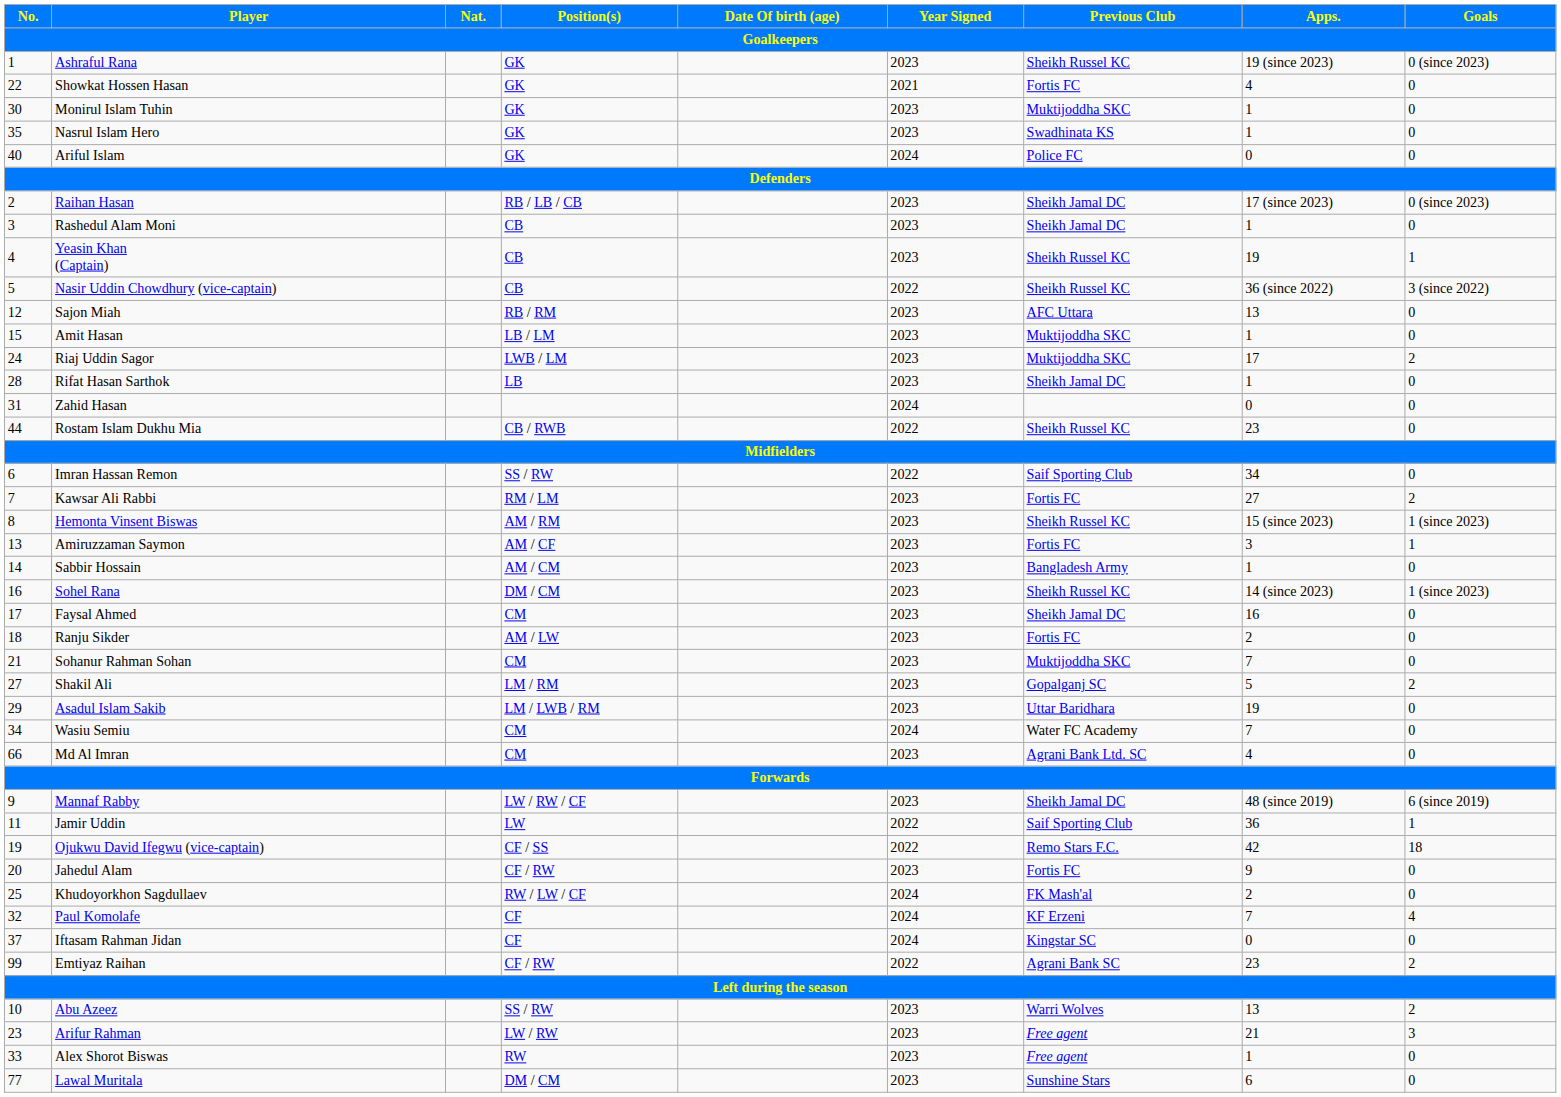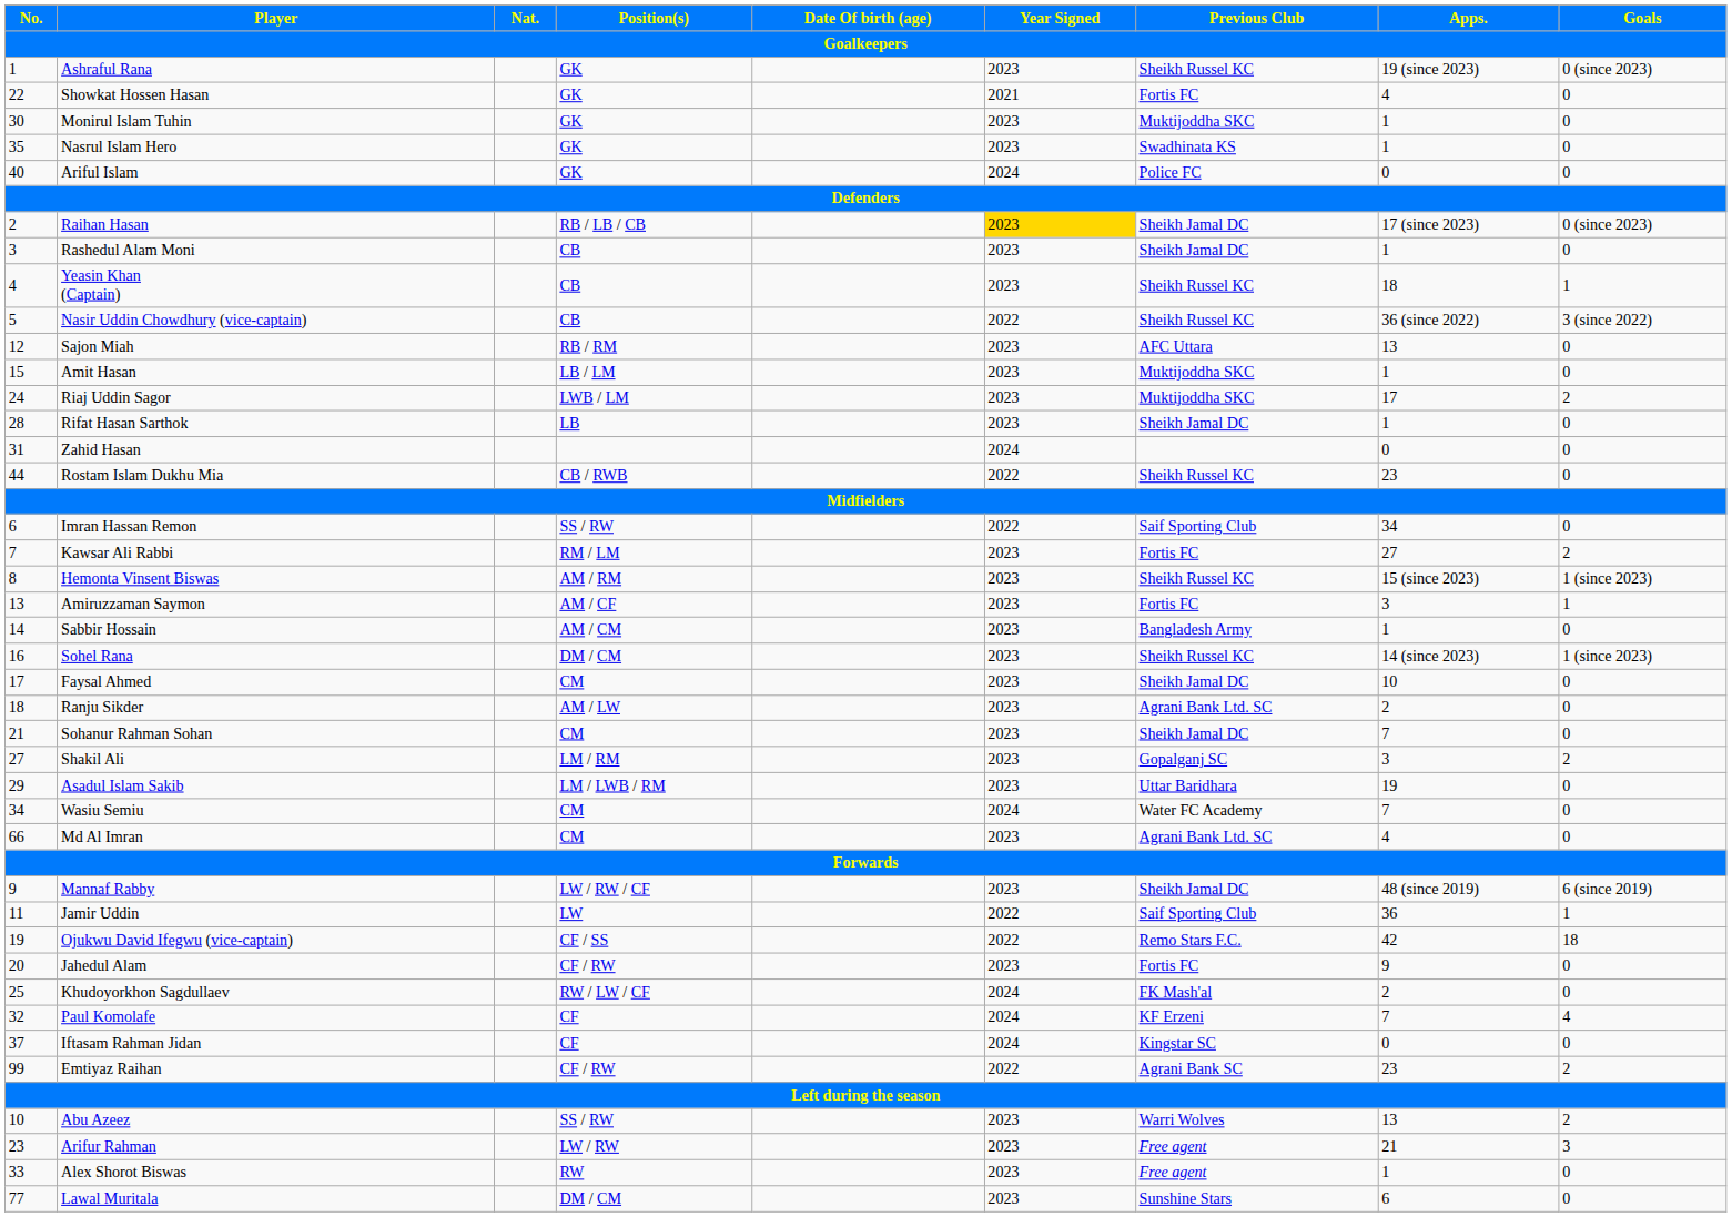 <table class="wikitable sortable" style="text-align:left; font-size:90%; width:100%">
 <tr>
 <th style="background:#007AFC; color:#FBFD00; text-align:center; ">No.</th>
 <th style="background:#007AFC; color:#FBFD00; ">Player</th>
 <th style="background:#007AFC; color:#FBFD00; text-align:center; ">Nat.</th>
 <th style="background:#007AFC; color:#FBFD00; text-align:center; ">Position(s)</th>
 <th style="background:#007AFC; color:#FBFD00; text-align:center; ">Date Of birth (age)</th>
 <th style="background:#007AFC; color:#FBFD00; text-align:center; ">Year Signed</th>
 <th style="background:#007AFC; color:#FBFD00; text-align:center; ">Previous Club</th>
 <th style="background:#007AFC; color:#FBFD00; text-align:center; ">Apps.</th>
 <th style="background:#007AFC; color:#FBFD00; text-align:center; ">Goals</th>
 </tr>
 <tr>
 <th colspan="9" style="background:#007AFC; color:#FBFD00; text-align:center; "><strong>Goalkeepers</strong></th>
 </tr>
 <tr>
 <td>1</td>
 <td><a href='#'>Ashraful Rana</a></td>
 <td></td>
 <td><a href='#'>GK</a></td>
 <td></td>
 <td>2023</td>
 <td><a href='#'>Sheikh Russel KC</a></td>
 <td>19 (since 2023)</td>
 <td>0 (since 2023)</td>
 </tr>
 <tr>
 <td>22</td>
 <td>Showkat Hossen Hasan</td>
 <td></td>
 <td><a href='#'>GK</a></td>
 <td></td>
 <td>2021</td>
 <td><a href='#'>Fortis FC</a></td>
 <td>4</td>
 <td>0</td>
 </tr>
 <tr>
 <td>30</td>
 <td>Monirul Islam Tuhin</td>
 <td></td>
 <td><a href='#'>GK</a></td>
 <td></td>
 <td>2023</td>
 <td><a href='#'>Muktijoddha SKC</a></td>
 <td>1</td>
 <td>0</td>
 </tr>
 <tr>
 <td>35</td>
 <td>Nasrul Islam Hero</td>
 <td></td>
 <td><a href='#'>GK</a></td>
 <td></td>
 <td>2023</td>
 <td><a href='#'>Swadhinata KS</a></td>
 <td>1</td>
 <td>0</td>
 </tr>
 <tr>
 <td>40</td>
 <td>Ariful Islam</td>
 <td></td>
 <td><a href='#'>GK</a></td>
 <td></td>
 <td>2024</td>
 <td><a href='#'>Police FC</a></td>
 <td>0</td>
 <td>0</td>
 </tr>
 <tr>
 <th colspan="9" style="background:#007AFC; color:#FBFD00; text-align:center; "><strong>Defenders</strong></th>
 </tr>
 <tr>
 <td>2</td>
 <td><a href='#'>Raihan Hasan</a></td>
 <td></td>
 <td><a href='#'>RB</a> / <a href='#'>LB</a> / <a href='#'>CB</a></td>
 <td></td>
-<td>2023</td>
+<td style="background: gold;">2023</td>
 <td><a href='#'>Sheikh Jamal DC</a></td>
 <td>17 (since 2023)</td>
 <td>0 (since 2023)</td>
 </tr>
 <tr>
 <td>3</td>
 <td>Rashedul Alam Moni</td>
 <td></td>
 <td><a href='#'>CB</a></td>
 <td></td>
 <td>2023</td>
 <td><a href='#'>Sheikh Jamal DC</a></td>
 <td>1</td>
 <td>0</td>
 </tr>
 <tr>
 <td>4</td>
 <td><a href='#'>Yeasin Khan</a><br>(<a href='#'>Captain</a>)</td>
 <td></td>
 <td><a href='#'>CB</a></td>
 <td></td>
 <td>2023</td>
 <td><a href='#'>Sheikh Russel KC</a></td>
-<td>19</td>
+<td>18</td>
 <td>1</td>
 </tr>
 <tr>
 <td>5</td>
 <td><a href='#'>Nasir Uddin Chowdhury</a> (<a href='#'>vice-captain</a>)</td>
 <td></td>
 <td><a href='#'>CB</a></td>
 <td></td>
 <td>2022</td>
 <td><a href='#'>Sheikh Russel KC</a></td>
 <td>36 (since 2022)</td>
 <td>3 (since 2022)</td>
 </tr>
 <tr>
 <td>12</td>
 <td>Sajon Miah</td>
 <td></td>
 <td><a href='#'>RB</a> / <a href='#'>RM</a></td>
 <td></td>
 <td>2023</td>
 <td><a href='#'>AFC Uttara</a></td>
 <td>13</td>
 <td>0</td>
 </tr>
 <tr>
 <td>15</td>
 <td>Amit Hasan</td>
 <td></td>
 <td><a href='#'>LB</a> / <a href='#'>LM</a></td>
 <td></td>
 <td>2023</td>
 <td><a href='#'>Muktijoddha SKC</a></td>
 <td>1</td>
 <td>0</td>
 </tr>
 <tr>
 <td>24</td>
 <td>Riaj Uddin Sagor</td>
 <td></td>
 <td><a href='#'>LWB</a> / <a href='#'>LM</a></td>
 <td></td>
 <td>2023</td>
 <td><a href='#'>Muktijoddha SKC</a></td>
 <td>17</td>
 <td>2</td>
 </tr>
 <tr>
 <td>28</td>
 <td>Rifat Hasan Sarthok</td>
 <td></td>
 <td><a href='#'>LB</a></td>
 <td></td>
 <td>2023</td>
 <td><a href='#'>Sheikh Jamal DC</a></td>
 <td>1</td>
 <td>0</td>
 </tr>
 <tr>
 <td>31</td>
 <td>Zahid Hasan</td>
 <td></td>
 <td></td>
 <td></td>
 <td>2024</td>
 <td></td>
 <td>0</td>
 <td>0</td>
 </tr>
 <tr>
 <td>44</td>
 <td>Rostam Islam Dukhu Mia</td>
 <td></td>
 <td><a href='#'>CB</a> / <a href='#'>RWB</a></td>
 <td></td>
 <td>2022</td>
 <td><a href='#'>Sheikh Russel KC</a></td>
 <td>23</td>
 <td>0</td>
 </tr>
 <tr>
 <th colspan="9" style="background:#007AFC; color:#FBFD00; text-align:center; "><strong>Midfielders</strong></th>
 </tr>
 <tr>
 <td>6</td>
 <td>Imran Hassan Remon</td>
 <td></td>
 <td><a href='#'>SS</a> / <a href='#'>RW</a></td>
 <td></td>
 <td>2022</td>
 <td><a href='#'>Saif Sporting Club</a></td>
 <td>34</td>
 <td>0</td>
 </tr>
 <tr>
 <td>7</td>
 <td>Kawsar Ali Rabbi</td>
 <td></td>
 <td><a href='#'>RM</a> / <a href='#'>LM</a></td>
 <td></td>
 <td>2023</td>
 <td><a href='#'>Fortis FC</a></td>
 <td>27</td>
 <td>2</td>
 </tr>
 <tr>
 <td>8</td>
 <td><a href='#'>Hemonta Vinsent Biswas</a></td>
 <td></td>
 <td><a href='#'>AM</a> / <a href='#'>RM</a></td>
 <td></td>
 <td>2023</td>
 <td><a href='#'>Sheikh Russel KC</a></td>
 <td>15 (since 2023)</td>
 <td>1 (since 2023)</td>
 </tr>
 <tr>
 <td>13</td>
 <td>Amiruzzaman Saymon</td>
 <td></td>
 <td><a href='#'>AM</a> / <a href='#'>CF</a></td>
 <td></td>
 <td>2023</td>
 <td><a href='#'>Fortis FC</a></td>
 <td>3</td>
 <td>1</td>
 </tr>
 <tr>
 <td>14</td>
 <td>Sabbir Hossain</td>
 <td></td>
 <td><a href='#'>AM</a> / <a href='#'>CM</a></td>
 <td></td>
 <td>2023</td>
 <td><a href='#'>Bangladesh Army</a></td>
 <td>1</td>
 <td>0</td>
 </tr>
 <tr>
 <td>16</td>
 <td><a href='#'>Sohel Rana</a></td>
 <td></td>
 <td><a href='#'>DM</a> / <a href='#'>CM</a></td>
 <td></td>
 <td>2023</td>
 <td><a href='#'>Sheikh Russel KC</a></td>
 <td>14 (since 2023)</td>
 <td>1 (since 2023)</td>
 </tr>
 <tr>
 <td>17</td>
 <td>Faysal Ahmed</td>
 <td></td>
 <td><a href='#'>CM</a></td>
 <td></td>
 <td>2023</td>
 <td><a href='#'>Sheikh Jamal DC</a></td>
-<td>16</td>
+<td>10</td>
 <td>0</td>
 </tr>
 <tr>
 <td>18</td>
 <td>Ranju Sikder</td>
 <td></td>
 <td><a href='#'>AM</a> / <a href='#'>LW</a></td>
 <td></td>
 <td>2023</td>
-<td><a href='#'>Fortis FC</a></td>
+<td><a href='#'>Agrani Bank Ltd. SC</a></td>
 <td>2</td>
 <td>0</td>
 </tr>
 <tr>
 <td>21</td>
 <td>Sohanur Rahman Sohan</td>
 <td></td>
 <td><a href='#'>CM</a></td>
 <td></td>
 <td>2023</td>
-<td><a href='#'>Muktijoddha SKC</a></td>
+<td><a href='#'>Sheikh Jamal DC</a></td>
 <td>7</td>
 <td>0</td>
 </tr>
 <tr>
 <td>27</td>
 <td>Shakil Ali</td>
 <td></td>
 <td><a href='#'>LM</a> / <a href='#'>RM</a></td>
 <td></td>
 <td>2023</td>
 <td><a href='#'>Gopalganj SC</a></td>
-<td>5</td>
+<td>3</td>
 <td>2</td>
 </tr>
 <tr>
 <td>29</td>
 <td><a href='#'>Asadul Islam Sakib</a></td>
 <td></td>
 <td><a href='#'>LM</a> / <a href='#'>LWB</a> / <a href='#'>RM</a></td>
 <td></td>
 <td>2023</td>
 <td><a href='#'>Uttar Baridhara</a></td>
 <td>19</td>
 <td>0</td>
 </tr>
 <tr>
 <td>34</td>
 <td>Wasiu Semiu</td>
 <td></td>
 <td><a href='#'>CM</a></td>
 <td></td>
 <td>2024</td>
 <td> Water FC Academy</td>
 <td>7</td>
 <td>0</td>
 </tr>
 <tr>
 <td>66</td>
 <td>Md Al Imran</td>
 <td></td>
 <td><a href='#'>CM</a></td>
 <td></td>
 <td>2023</td>
 <td><a href='#'>Agrani Bank Ltd. SC</a></td>
 <td>4</td>
 <td>0</td>
 </tr>
 <tr>
 <th colspan="9" style="background:#007AFC; color:#FBFD00; text-align:center; "><strong>Forwards</strong></th>
 </tr>
 <tr>
 <td>9</td>
 <td><a href='#'>Mannaf Rabby</a></td>
 <td></td>
 <td><a href='#'>LW</a> / <a href='#'>RW</a> / <a href='#'>CF</a></td>
 <td></td>
 <td>2023</td>
 <td><a href='#'>Sheikh Jamal DC</a></td>
 <td>48 (since 2019)</td>
 <td>6 (since 2019)</td>
 </tr>
 <tr>
 <td>11</td>
 <td>Jamir Uddin</td>
 <td></td>
 <td><a href='#'>LW</a></td>
 <td></td>
 <td>2022</td>
 <td><a href='#'>Saif Sporting Club</a></td>
 <td>36</td>
 <td>1</td>
 </tr>
 <tr>
 <td>19</td>
 <td><a href='#'>Ojukwu David Ifegwu</a> (<a href='#'>vice-captain</a>)</td>
 <td></td>
 <td><a href='#'>CF</a> / <a href='#'>SS</a></td>
 <td></td>
 <td>2022</td>
 <td> <a href='#'>Remo Stars F.C.</a></td>
 <td>42</td>
 <td>18</td>
 </tr>
 <tr>
 <td>20</td>
 <td>Jahedul Alam</td>
 <td></td>
 <td><a href='#'>CF</a> / <a href='#'>RW</a></td>
 <td></td>
 <td>2023</td>
 <td><a href='#'>Fortis FC</a></td>
 <td>9</td>
 <td>0</td>
 </tr>
 <tr>
 <td>25</td>
 <td>Khudoyorkhon Sagdullaev</td>
 <td></td>
 <td><a href='#'>RW</a> / <a href='#'>LW</a> / <a href='#'>CF</a></td>
 <td></td>
 <td>2024</td>
 <td> <a href='#'>FK Mash'al</a></td>
 <td>2</td>
 <td>0</td>
 </tr>
 <tr>
 <td>32</td>
 <td><a href='#'>Paul Komolafe</a></td>
 <td></td>
 <td><a href='#'>CF</a></td>
 <td></td>
 <td>2024</td>
 <td> <a href='#'>KF Erzeni</a></td>
 <td>7</td>
 <td>4</td>
 </tr>
 <tr>
 <td>37</td>
 <td>Iftasam Rahman Jidan</td>
 <td></td>
 <td><a href='#'>CF</a></td>
 <td></td>
 <td>2024</td>
 <td><a href='#'>Kingstar SC</a></td>
 <td>0</td>
 <td>0</td>
 </tr>
 <tr>
 <td>99</td>
 <td>Emtiyaz Raihan</td>
 <td></td>
 <td><a href='#'>CF</a> / <a href='#'>RW</a></td>
 <td></td>
 <td>2022</td>
 <td><a href='#'>Agrani Bank SC</a></td>
 <td>23</td>
 <td>2</td>
 </tr>
 <tr>
 <th colspan="9" style="background:#007AFC; color:#FBFD00; text-align:center; "><strong>Left during the season</strong></th>
 </tr>
 <tr>
 <td>10</td>
 <td><a href='#'>Abu Azeez</a></td>
 <td></td>
 <td><a href='#'>SS</a> / <a href='#'>RW</a></td>
 <td></td>
 <td>2023</td>
 <td> <a href='#'>Warri Wolves</a></td>
 <td>13</td>
 <td>2</td>
 </tr>
 <tr>
 <td>23</td>
 <td><a href='#'>Arifur Rahman</a></td>
 <td></td>
 <td><a href='#'>LW</a> / <a href='#'>RW</a></td>
 <td></td>
 <td>2023</td>
 <td><em><a href='#'>Free agent</a></em></td>
 <td>21</td>
 <td>3</td>
 </tr>
 <tr>
 <td>33</td>
 <td>Alex Shorot Biswas</td>
 <td></td>
 <td><a href='#'>RW</a></td>
 <td></td>
 <td>2023</td>
 <td><em><a href='#'>Free agent</a></em></td>
 <td>1</td>
 <td>0</td>
 </tr>
 <tr>
 <td>77</td>
 <td><a href='#'>Lawal Muritala</a></td>
 <td></td>
 <td><a href='#'>DM</a> / <a href='#'>CM</a></td>
 <td></td>
 <td>2023</td>
 <td> <a href='#'>Sunshine Stars</a></td>
 <td>6</td>
 <td>0</td>
 </tr>
 </table>
